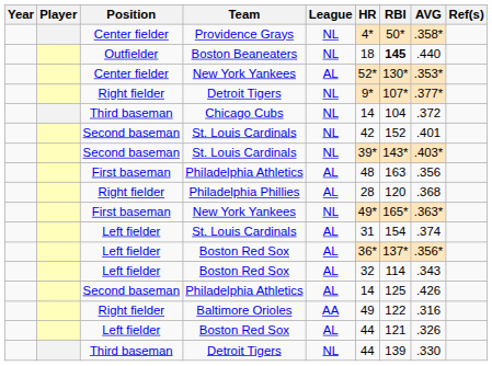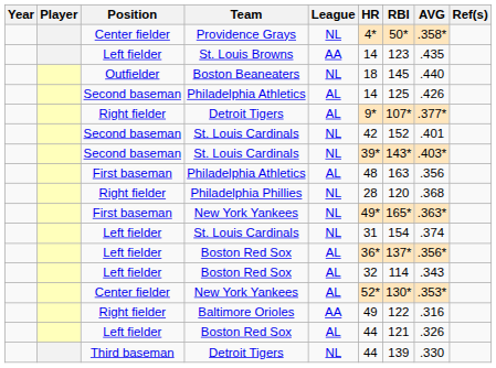 <table class="wikitable sortable plainrowheaders" style="text-align:center;">
 <tr>
 <th scope="col">Year</th>
 <th scope="col">Player</th>
 <th scope="col">Position</th>
 <th scope="col">Team</th>
 <th scope="col">League</th>
 <th scope="col">HR</th>
 <th scope="col">RBI</th>
 <th scope="col">AVG</th>
 <th scope="col" class="unsortable">Ref(s)</th>
 </tr>
 <tr>
 <td></td>
 <th scope="row" style="text-align:center"></th>
 <td><a href='#'>Center fielder</a></td>
 <td><a href='#'>Providence Grays</a></td>
 <td><a href='#'>NL</a></td>
 <td style="background-color:#FFE6BD;">4*</td>
 <td style="background-color:#FFE6BD;">50*</td>
 <td style="background-color:#FFE6BD;">.358*</td>
 <td></td>
 </tr>
 <tr>
 <td></td>
+<th scope="row" style="text-align:center"></th>
+<td><a href='#'>Left fielder</a></td>
+<td><a href='#'>St. Louis Browns</a></td>
+<td><a href='#'>AA</a></td>
+<td>14</td>
+<td>123</td>
+<td>.435</td>
+<td></td>
+</tr>
+<tr>
+<td></td>
 <th scope="row" style="text-align:center; background-color: #ffffbb"></th>
 <td><a href='#'>Outfielder</a></td>
 <td><a href='#'>Boston Beaneaters</a></td>
 <td><a href='#'>NL</a></td>
 <td>18</td>
-<td><strong>145</strong></td>
+<td>145</td>
 <td>.440</td>
 <td></td>
 </tr>
 <tr>
 <td></td>
 <th scope="row" style="text-align:center; background-color: #ffffbb"></th>
-<td><a href='#'>Center fielder</a></td>
-<td><a href='#'>New York Yankees</a></td>
+<td><a href='#'>Second baseman</a></td>
+<td><a href='#'>Philadelphia Athletics</a></td>
 <td><a href='#'>AL</a></td>
-<td style="background-color:#FFE6BD;">52*</td>
-<td style="background-color:#FFE6BD;">130*</td>
-<td style="background-color:#FFE6BD;">.353*</td>
+<td>14</td>
+<td>125</td>
+<td>.426</td>
 <td></td>
 </tr>
 <tr>
 <td></td>
 <th scope="row" style="text-align:center; background-color: #ffffbb"></th>
 <td><a href='#'>Right fielder</a></td>
 <td><a href='#'>Detroit Tigers</a></td>
-<td><a href='#'>NL</a></td>
+<td><a href='#'>AL</a></td>
 <td style="background-color:#FFE6BD;">9*</td>
 <td style="background-color:#FFE6BD;">107*</td>
 <td style="background-color:#FFE6BD;">.377*</td>
-<td></td>
-</tr>
-<tr>
-<td></td>
-<th scope="row" style="text-align:center"></th>
-<td><a href='#'>Third baseman</a></td>
-<td><a href='#'>Chicago Cubs</a></td>
-<td><a href='#'>NL</a></td>
-<td>14</td>
-<td>104</td>
-<td>.372</td>
 <td></td>
 </tr>
 <tr>
 <td></td>
 <th scope="row" style="text-align:center; background-color: #ffffbb"></th>
 <td><a href='#'>Second baseman</a></td>
 <td><a href='#'>St. Louis Cardinals</a></td>
 <td><a href='#'>NL</a></td>
 <td>42</td>
 <td>152</td>
 <td>.401</td>
 <td></td>
 </tr>
 <tr>
 <td></td>
 <th scope="row" style="text-align:center; background-color: #ffffbb"></th>
 <td><a href='#'>Second baseman</a></td>
 <td><a href='#'>St. Louis Cardinals</a></td>
 <td><a href='#'>NL</a></td>
 <td style="background-color:#FFE6BD;">39*</td>
 <td style="background-color:#FFE6BD;">143*</td>
 <td style="background-color:#FFE6BD;">.403*</td>
 <td></td>
 </tr>
 <tr>
 <td></td>
 <th scope="row" style="text-align:center; background-color: #ffffbb"></th>
 <td><a href='#'>First baseman</a></td>
 <td><a href='#'>Philadelphia Athletics</a></td>
 <td><a href='#'>AL</a></td>
 <td>48</td>
 <td>163</td>
 <td>.356</td>
 <td></td>
 </tr>
 <tr>
 <td></td>
 <th scope="row" style="text-align:center; background-color: #ffffbb"></th>
 <td><a href='#'>Right fielder</a></td>
 <td><a href='#'>Philadelphia Phillies</a></td>
-<td><a href='#'>AL</a></td>
+<td><a href='#'>NL</a></td>
 <td>28</td>
 <td>120</td>
 <td>.368</td>
 <td></td>
 </tr>
 <tr>
 <td></td>
 <th scope="row" style="text-align:center; background-color: #ffffbb"></th>
 <td><a href='#'>First baseman</a></td>
 <td><a href='#'>New York Yankees</a></td>
 <td><a href='#'>NL</a></td>
 <td style="background-color:#FFE6BD;">49*</td>
 <td style="background-color:#FFE6BD;">165*</td>
 <td style="background-color:#FFE6BD;">.363*</td>
 <td></td>
 </tr>
 <tr>
 <td></td>
 <th scope="row" style="text-align:center; background-color: #ffffbb"></th>
 <td><a href='#'>Left fielder</a></td>
 <td><a href='#'>St. Louis Cardinals</a></td>
-<td><a href='#'>AL</a></td>
+<td><a href='#'>NL</a></td>
 <td>31</td>
 <td>154</td>
 <td>.374</td>
 <td></td>
 </tr>
 <tr>
 <td></td>
 <th scope="row" style="text-align:center; background-color: #ffffbb"></th>
 <td><a href='#'>Left fielder</a></td>
 <td><a href='#'>Boston Red Sox</a></td>
 <td><a href='#'>AL</a></td>
 <td style="background-color:#FFE6BD;">36*</td>
 <td style="background-color:#FFE6BD;">137*</td>
 <td style="background-color:#FFE6BD;">.356*</td>
 <td></td>
 </tr>
 <tr>
 <td></td>
 <th scope="row" style="text-align:center; background-color: #ffffbb"></th>
 <td><a href='#'>Left fielder</a></td>
 <td><a href='#'>Boston Red Sox</a></td>
 <td><a href='#'>AL</a></td>
 <td>32</td>
 <td>114</td>
 <td>.343</td>
 <td></td>
 </tr>
 <tr>
 <td></td>
 <th scope="row" style="text-align:center; background-color: #ffffbb"></th>
-<td><a href='#'>Second baseman</a></td>
-<td><a href='#'>Philadelphia Athletics</a></td>
+<td><a href='#'>Center fielder</a></td>
+<td><a href='#'>New York Yankees</a></td>
 <td><a href='#'>AL</a></td>
-<td>14</td>
-<td>125</td>
-<td>.426</td>
+<td style="background-color:#FFE6BD;">52*</td>
+<td style="background-color:#FFE6BD;">130*</td>
+<td style="background-color:#FFE6BD;">.353*</td>
 <td></td>
 </tr>
 <tr>
 <td></td>
 <th scope="row" style="text-align:center; background-color: #ffffbb"></th>
 <td><a href='#'>Right fielder</a></td>
 <td><a href='#'>Baltimore Orioles</a></td>
 <td><a href='#'>AA</a></td>
 <td>49</td>
 <td>122</td>
 <td>.316</td>
 <td></td>
 </tr>
 <tr>
 <td></td>
 <th scope="row" style="text-align:center; background-color: #ffffbb"></th>
 <td><a href='#'>Left fielder</a></td>
 <td><a href='#'>Boston Red Sox</a></td>
 <td><a href='#'>AL</a></td>
 <td>44</td>
 <td>121</td>
 <td>.326</td>
 <td></td>
 </tr>
 <tr>
 <td></td>
 <th scope="row" style="text-align:center;"></th>
 <td><a href='#'>Third baseman</a></td>
 <td><a href='#'>Detroit Tigers</a></td>
 <td><a href='#'>NL</a></td>
 <td>44</td>
 <td>139</td>
 <td>.330</td>
 <td></td>
 </tr>
 </table>
